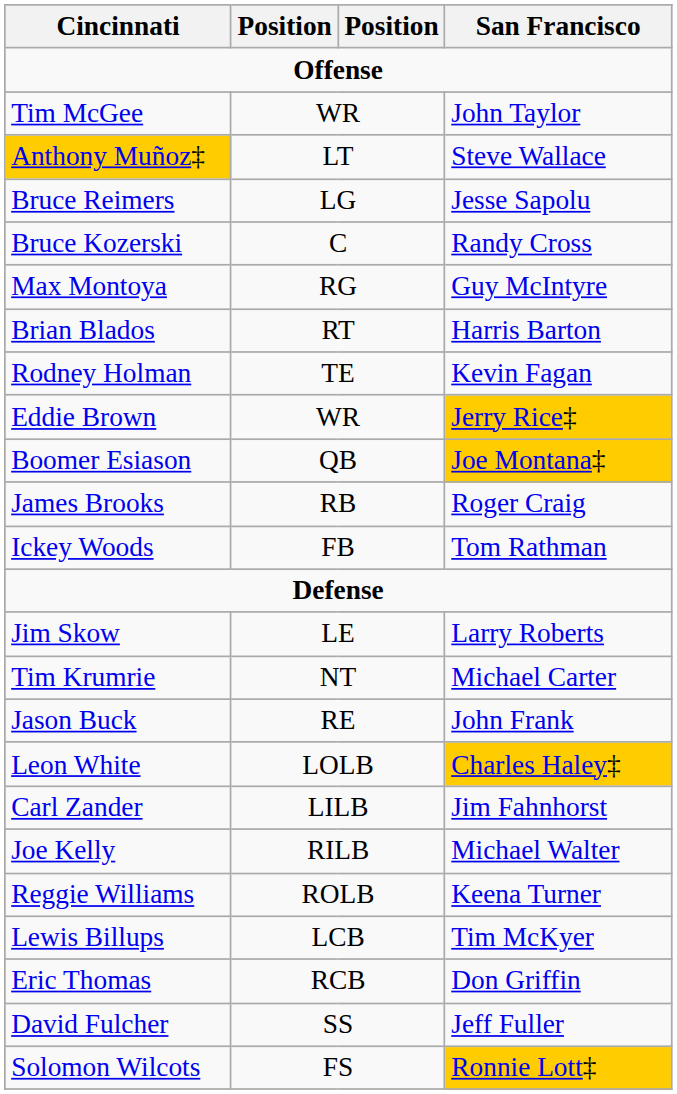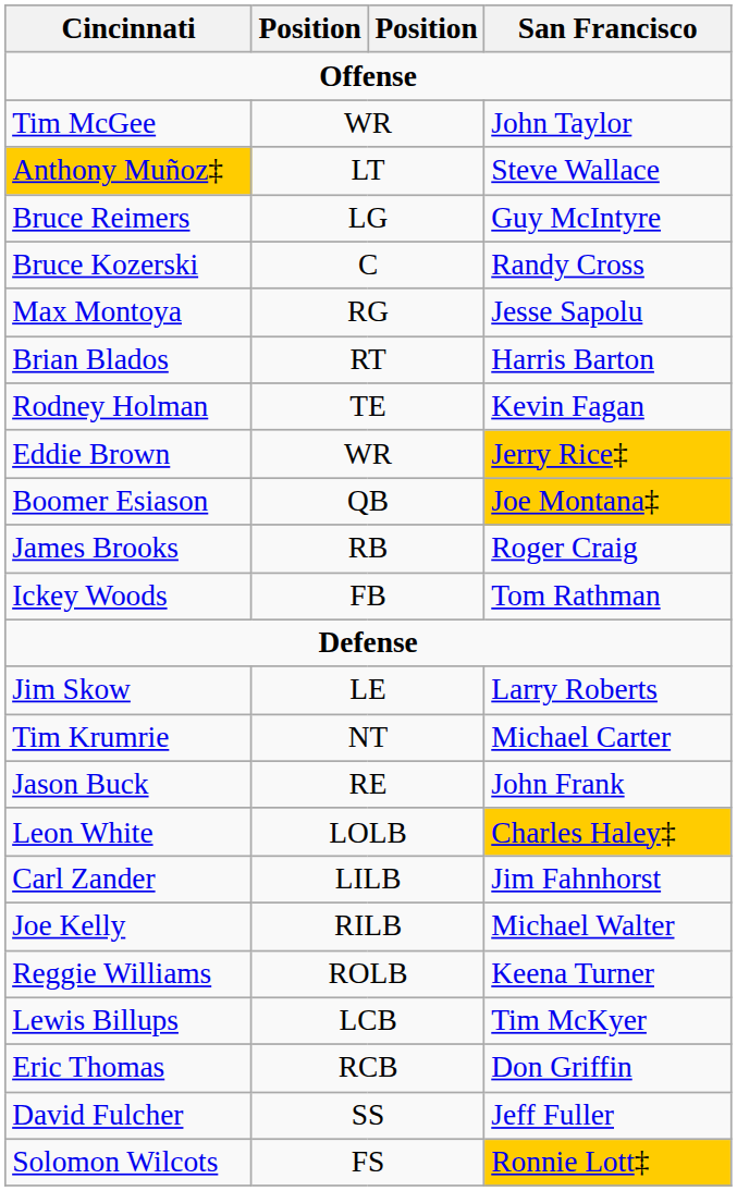 <table class="wikitable">
 <tr>
 <th style="width:125px">Cincinnati</th>
 <th>Position</th>
 <th>Position</th>
 <th style="width:125px">San Francisco</th>
 </tr>
 <tr>
 <td colspan="4" style="text-align:center;"><strong>Offense</strong></td>
 </tr>
 <tr>
 <td><a href='#'>Tim McGee</a></td>
 <td colspan="2" style="text-align:center;">WR</td>
 <td><a href='#'>John Taylor</a></td>
 </tr>
 <tr>
 <td bgcolor="#FFCC00"><a href='#'>Anthony Muñoz</a>‡</td>
 <td colspan="2" style="text-align:center;">LT</td>
 <td><a href='#'>Steve Wallace</a></td>
 </tr>
 <tr>
 <td><a href='#'>Bruce Reimers</a></td>
 <td colspan="2" style="text-align:center;">LG</td>
-<td><a href='#'>Jesse Sapolu</a></td>
+<td><a href='#'>Guy McIntyre</a></td>
 </tr>
 <tr>
 <td><a href='#'>Bruce Kozerski</a></td>
 <td colspan="2" style="text-align:center;">C</td>
 <td><a href='#'>Randy Cross</a></td>
 </tr>
 <tr>
 <td><a href='#'>Max Montoya</a></td>
 <td colspan="2" style="text-align:center;">RG</td>
-<td><a href='#'>Guy McIntyre</a></td>
+<td><a href='#'>Jesse Sapolu</a></td>
 </tr>
 <tr>
 <td><a href='#'>Brian Blados</a></td>
 <td colspan="2" style="text-align:center;">RT</td>
 <td><a href='#'>Harris Barton</a></td>
 </tr>
 <tr>
 <td><a href='#'>Rodney Holman</a></td>
 <td colspan="2" style="text-align:center;">TE</td>
 <td><a href='#'>Kevin Fagan</a></td>
 </tr>
 <tr>
 <td><a href='#'>Eddie Brown</a></td>
 <td colspan="2" style="text-align:center;">WR</td>
 <td bgcolor="#FFCC00"><a href='#'>Jerry Rice</a>‡</td>
 </tr>
 <tr>
 <td><a href='#'>Boomer Esiason</a></td>
 <td colspan="2" style="text-align:center;">QB</td>
 <td bgcolor="#FFCC00"><a href='#'>Joe Montana</a>‡</td>
 </tr>
 <tr>
 <td><a href='#'>James Brooks</a></td>
 <td colspan="2" style="text-align:center;">RB</td>
 <td><a href='#'>Roger Craig</a></td>
 </tr>
 <tr>
 <td><a href='#'>Ickey Woods</a></td>
 <td colspan="2" style="text-align:center;">FB</td>
 <td><a href='#'>Tom Rathman</a></td>
 </tr>
 <tr>
 <td colspan="4" style="text-align:center;"><strong>Defense</strong></td>
 </tr>
 <tr>
 <td><a href='#'>Jim Skow</a></td>
 <td colspan="2" style="text-align:center;">LE</td>
 <td><a href='#'>Larry Roberts</a></td>
 </tr>
 <tr>
 <td><a href='#'>Tim Krumrie</a></td>
 <td colspan="2" style="text-align:center;">NT</td>
 <td><a href='#'>Michael Carter</a></td>
 </tr>
 <tr>
 <td><a href='#'>Jason Buck</a></td>
 <td colspan="2" style="text-align:center;">RE</td>
 <td><a href='#'>John Frank</a></td>
 </tr>
 <tr>
 <td><a href='#'>Leon White</a></td>
 <td colspan="2" style="text-align:center;">LOLB</td>
 <td bgcolor="#FFCC00"><a href='#'>Charles Haley</a>‡</td>
 </tr>
 <tr>
 <td><a href='#'>Carl Zander</a></td>
 <td colspan="2" style="text-align:center;">LILB</td>
 <td><a href='#'>Jim Fahnhorst</a></td>
 </tr>
 <tr>
 <td><a href='#'>Joe Kelly</a></td>
 <td colspan="2" style="text-align:center;">RILB</td>
 <td><a href='#'>Michael Walter</a></td>
 </tr>
 <tr>
 <td><a href='#'>Reggie Williams</a></td>
 <td colspan="2" style="text-align:center;">ROLB</td>
 <td><a href='#'>Keena Turner</a></td>
 </tr>
 <tr>
 <td><a href='#'>Lewis Billups</a></td>
 <td colspan="2" style="text-align:center;">LCB</td>
 <td><a href='#'>Tim McKyer</a></td>
 </tr>
 <tr>
 <td><a href='#'>Eric Thomas</a></td>
 <td colspan="2" style="text-align:center;">RCB</td>
 <td><a href='#'>Don Griffin</a></td>
 </tr>
 <tr>
 <td><a href='#'>David Fulcher</a></td>
 <td colspan="2" style="text-align:center;">SS</td>
 <td><a href='#'>Jeff Fuller</a></td>
 </tr>
 <tr>
 <td><a href='#'>Solomon Wilcots</a></td>
 <td colspan="2" style="text-align:center;">FS</td>
 <td bgcolor="#FFCC00"><a href='#'>Ronnie Lott</a>‡</td>
 </tr>
 </table>
